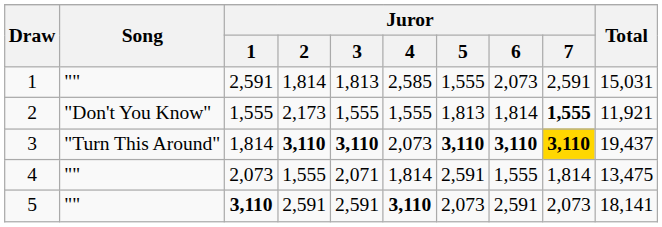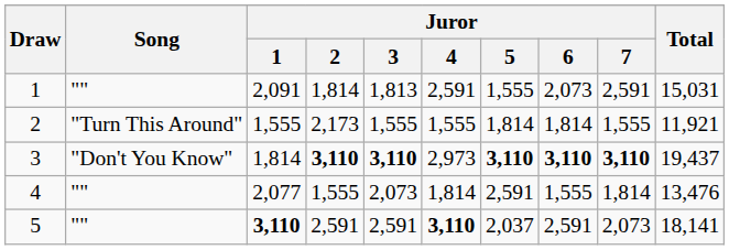 <table class="wikitable collapsible" style="margin: 1em auto 1em auto; text-align:center">
 <tr>
 </tr>
 <tr>
 <th rowspan="2">Draw</th>
 <th rowspan="2">Song</th>
 <th colspan="7">Juror</th>
 <th rowspan="2">Total</th>
 </tr>
 <tr>
 <th>1</th>
 <th>2</th>
 <th>3</th>
 <th>4</th>
 <th>5</th>
 <th>6</th>
 <th>7</th>
 </tr>
 <tr>
 <td>1</td>
 <td align="left">""</td>
-<td>2,591</td>
+<td>2,091</td>
 <td>1,814</td>
 <td>1,813</td>
-<td>2,585</td>
+<td>2,591</td>
 <td>1,555</td>
 <td>2,073</td>
 <td>2,591</td>
 <td>15,031</td>
 </tr>
 <tr>
 <td>2</td>
-<td align="left">"Don't You Know"</td>
+<td align="left">"Turn This Around"</td>
 <td>1,555</td>
 <td>2,173</td>
 <td>1,555</td>
 <td>1,555</td>
-<td>1,813</td>
 <td>1,814</td>
-<td><strong>1,555</strong></td>
+<td>1,814</td>
+<td>1,555</td>
 <td>11,921</td>
 </tr>
 <tr>
 <td>3</td>
-<td align="left">"Turn This Around"</td>
+<td align="left">"Don't You Know"</td>
 <td>1,814</td>
 <td><strong>3,110</strong></td>
 <td><strong>3,110</strong></td>
-<td>2,073</td>
+<td>2,973</td>
 <td><strong>3,110</strong></td>
 <td><strong>3,110</strong></td>
-<td style="background: gold;"><strong>3,110</strong></td>
+<td><strong>3,110</strong></td>
 <td>19,437</td>
 </tr>
 <tr>
 <td>4</td>
 <td align="left">""</td>
+<td>2,077</td>
+<td>1,555</td>
 <td>2,073</td>
-<td>1,555</td>
-<td>2,071</td>
 <td>1,814</td>
 <td>2,591</td>
 <td>1,555</td>
 <td>1,814</td>
-<td>13,475</td>
+<td>13,476</td>
 </tr>
 <tr>
 <td>5</td>
 <td align="left">""</td>
 <td><strong>3,110</strong></td>
 <td>2,591</td>
 <td>2,591</td>
 <td><strong>3,110</strong></td>
-<td>2,073</td>
+<td>2,037</td>
 <td>2,591</td>
 <td>2,073</td>
 <td>18,141</td>
 </tr>
 </table>
